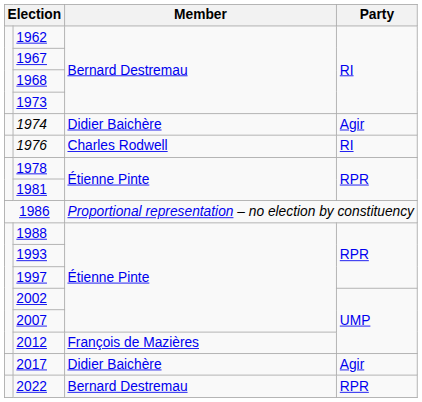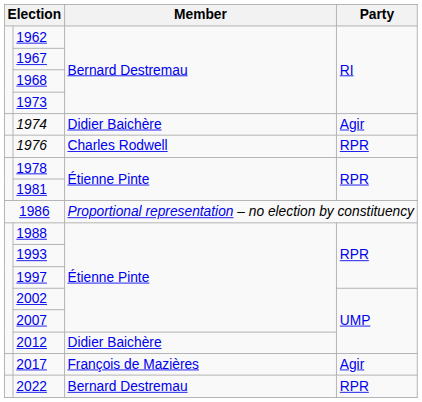 <table class="wikitable">
 <tr>
 <th colspan=2>Election</th>
 <th>Member</th>
 <th>Party</th>
 </tr>
 <tr>
 <td rowspan="4" style="color:inherit;background-color: "></td>
 <td><a href='#'>1962</a></td>
 <td rowspan="4"><a href='#'>Bernard Destremau</a></td>
 <td rowspan="4"><a href='#'>RI</a></td>
 </tr>
 <tr>
 <td><a href='#'>1967</a></td>
 </tr>
 <tr>
 <td><a href='#'>1968</a></td>
 </tr>
 <tr>
 <td><a href='#'>1973</a></td>
 </tr>
 <tr>
 <td style="color:inherit;background-color: "></td>
 <td><em>1974</em></td>
 <td><a href='#'>Didier Baichère</a></td>
 <td><a href='#'>Agir</a></td>
 </tr>
 <tr>
 <td style="color:inherit;background-color: "></td>
 <td><em>1976</em></td>
 <td><a href='#'>Charles Rodwell</a></td>
-<td><a href='#'>RI</a></td>
+<td><a href='#'>RPR</a></td>
 </tr>
 <tr>
 <td rowspan="2" style="color:inherit;background-color: "></td>
 <td><a href='#'>1978</a></td>
 <td rowspan="2"><a href='#'>Étienne Pinte</a></td>
 <td rowspan="2"><a href='#'>RPR</a></td>
 </tr>
 <tr>
 <td><a href='#'>1981</a></td>
 </tr>
 <tr>
 <td colspan=2 align="center"><a href='#'>1986</a></td>
 <td colspan=2><em><a href='#'>Proportional representation</a> – no election by constituency</em></td>
 </tr>
 <tr>
 <td rowspan="6" style="color:inherit;background-color: "></td>
 <td><a href='#'>1988</a></td>
 <td rowspan="5"><a href='#'>Étienne Pinte</a></td>
 <td rowspan="3"><a href='#'>RPR</a></td>
 </tr>
 <tr>
 <td><a href='#'>1993</a></td>
 </tr>
 <tr>
 <td><a href='#'>1997</a></td>
 </tr>
 <tr>
 <td><a href='#'>2002</a></td>
 <td rowspan="3"><a href='#'>UMP</a></td>
 </tr>
 <tr>
 <td><a href='#'>2007</a></td>
 </tr>
 <tr>
 <td><a href='#'>2012</a></td>
-<td><a href='#'>François de Mazières</a></td>
+<td><a href='#'>Didier Baichère</a></td>
 </tr>
 <tr>
 <td style="color:inherit;background-color: "></td>
 <td><a href='#'>2017</a></td>
-<td><a href='#'>Didier Baichère</a></td>
+<td><a href='#'>François de Mazières</a></td>
 <td><a href='#'>Agir</a></td>
 </tr>
 <tr>
 <td style="color:inherit;background-color: "></td>
 <td><a href='#'>2022</a></td>
 <td><a href='#'>Bernard Destremau</a></td>
 <td><a href='#'>RPR</a></td>
 </tr>
 </table>
